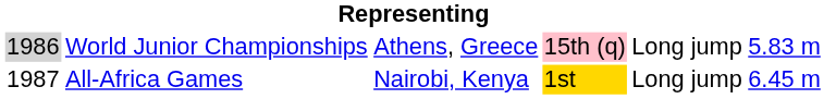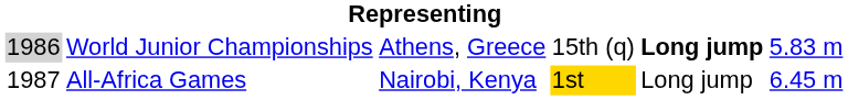 <table>
 <tr>
 <th colspan="6">Representing </th>
 </tr>
 <tr>
 <td style="background: lightgrey;">1986</td>
 <td><a href='#'>World Junior Championships</a></td>
 <td><a href='#'>Athens</a>, <a href='#'>Greece</a></td>
-<td style="background: pink;">15th (q)</td>
-<td>Long jump</td>
+<td>15th (q)</td>
+<td><strong>Long jump</strong></td>
 <td><a href='#'>5.83 m</a></td>
 </tr>
 <tr>
 <td>1987</td>
 <td><a href='#'>All-Africa Games</a></td>
 <td><a href='#'>Nairobi, Kenya</a></td>
 <td bgcolor="gold">1st</td>
 <td>Long jump</td>
 <td><a href='#'>6.45 m</a></td>
 </tr>
 </table>
